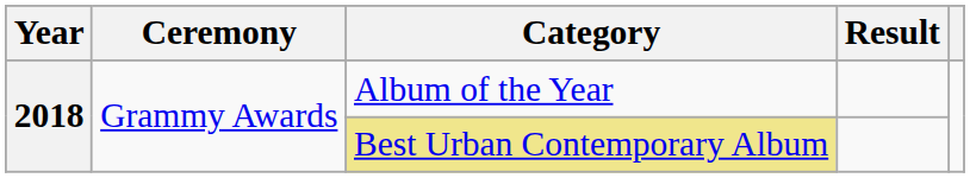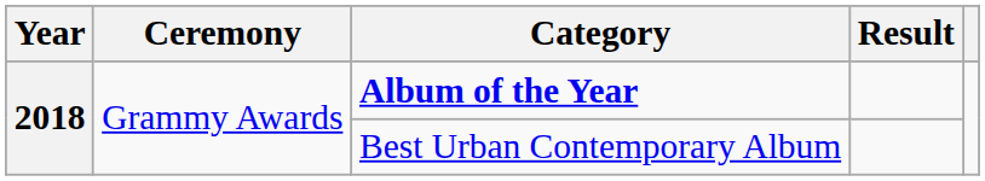 <table class="wikitable sortable plainrowheaders" style="border:none; margin:0;">
 <tr>
 <th scope="col">Year</th>
 <th scope="col">Ceremony</th>
 <th scope="col">Category</th>
 <th scope="col">Result</th>
 <th scope="col" class="unsortable"></th>
 </tr>
 <tr>
 <th scope="row" rowspan="2">2018</th>
 <td rowspan="2"><a href='#'>Grammy Awards</a></td>
-<td><a href='#'>Album of the Year</a></td>
+<td><strong><a href='#'>Album of the Year</a></strong></td>
 <td></td>
 <td rowspan="2"></td>
 </tr>
 <tr>
-<td style="background: khaki;"><a href='#'>Best Urban Contemporary Album</a></td>
+<td><a href='#'>Best Urban Contemporary Album</a></td>
 <td></td>
 </tr>
 </table>
